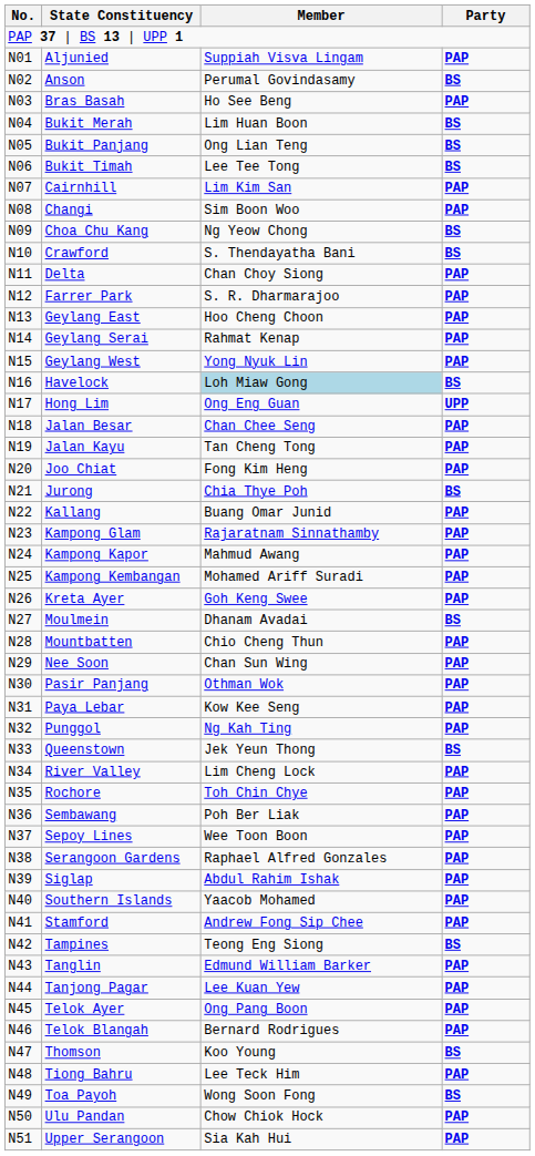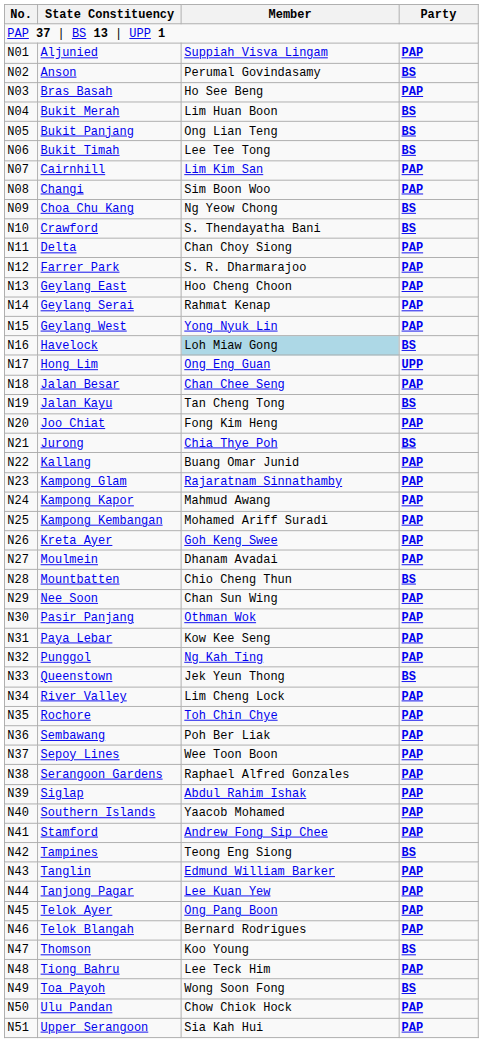 <table class="wikitable sortable">
 <tr>
 <th style="width:30px;">No.</th>
 <th style="width:150px;">State Constituency</th>
 <th style="width:230px;">Member</th>
 <th style="width:80px;">Party</th>
 </tr>
 <tr>
 <td colspan="4"><a href='#'>PAP</a> <strong>37</strong> | <a href='#'>BS</a> <strong>13</strong> | <a href='#'>UPP</a> <strong>1</strong></td>
 </tr>
 <tr>
 <td>N01</td>
 <td><a href='#'>Aljunied</a></td>
 <td><a href='#'>Suppiah Visva Lingam</a></td>
 <td><strong><a href='#'>PAP</a></strong></td>
 </tr>
 <tr>
 <td>N02</td>
 <td><a href='#'>Anson</a></td>
 <td>Perumal Govindasamy</td>
 <td><strong><a href='#'>BS</a></strong></td>
 </tr>
 <tr>
 <td>N03</td>
 <td><a href='#'>Bras Basah</a></td>
 <td>Ho See Beng</td>
 <td><strong><a href='#'>PAP</a></strong></td>
 </tr>
 <tr>
 <td>N04</td>
 <td><a href='#'>Bukit Merah</a></td>
 <td>Lim Huan Boon</td>
 <td><strong><a href='#'>BS</a></strong></td>
 </tr>
 <tr>
 <td>N05</td>
 <td><a href='#'>Bukit Panjang</a></td>
 <td>Ong Lian Teng</td>
 <td><strong><a href='#'>BS</a></strong></td>
 </tr>
 <tr>
 <td>N06</td>
 <td><a href='#'>Bukit Timah</a></td>
 <td>Lee Tee Tong</td>
 <td><strong><a href='#'>BS</a></strong></td>
 </tr>
 <tr>
 <td>N07</td>
 <td><a href='#'>Cairnhill</a></td>
 <td><a href='#'>Lim Kim San</a></td>
 <td><strong><a href='#'>PAP</a></strong></td>
 </tr>
 <tr>
 <td>N08</td>
 <td><a href='#'>Changi</a></td>
 <td>Sim Boon Woo</td>
 <td><strong><a href='#'>PAP</a></strong></td>
 </tr>
 <tr>
 <td>N09</td>
 <td><a href='#'>Choa Chu Kang</a></td>
 <td>Ng Yeow Chong</td>
 <td><strong><a href='#'>BS</a></strong></td>
 </tr>
 <tr>
 <td>N10</td>
 <td><a href='#'>Crawford</a></td>
 <td>S. Thendayatha Bani</td>
 <td><strong><a href='#'>BS</a></strong></td>
 </tr>
 <tr>
 <td>N11</td>
 <td><a href='#'>Delta</a></td>
 <td>Chan Choy Siong</td>
 <td><strong><a href='#'>PAP</a></strong></td>
 </tr>
 <tr>
 <td>N12</td>
 <td><a href='#'>Farrer Park</a></td>
 <td>S. R. Dharmarajoo</td>
 <td><strong><a href='#'>PAP</a></strong></td>
 </tr>
 <tr>
 <td>N13</td>
 <td><a href='#'>Geylang East</a></td>
 <td>Hoo Cheng Choon</td>
 <td><strong><a href='#'>PAP</a></strong></td>
 </tr>
 <tr>
 <td>N14</td>
 <td><a href='#'>Geylang Serai</a></td>
 <td>Rahmat Kenap</td>
 <td><strong><a href='#'>PAP</a></strong></td>
 </tr>
 <tr>
 <td>N15</td>
 <td><a href='#'>Geylang West</a></td>
 <td><a href='#'>Yong Nyuk Lin</a></td>
 <td><strong><a href='#'>PAP</a></strong></td>
 </tr>
 <tr>
 <td>N16</td>
 <td><a href='#'>Havelock</a></td>
 <td style="background: lightblue;">Loh Miaw Gong</td>
 <td><strong><a href='#'>BS</a></strong></td>
 </tr>
 <tr>
 <td>N17</td>
 <td><a href='#'>Hong Lim</a></td>
 <td><a href='#'>Ong Eng Guan</a></td>
 <td><strong><a href='#'>UPP</a></strong></td>
 </tr>
 <tr>
 <td>N18</td>
 <td><a href='#'>Jalan Besar</a></td>
 <td><a href='#'>Chan Chee Seng</a></td>
 <td><strong><a href='#'>PAP</a></strong></td>
 </tr>
 <tr>
 <td>N19</td>
 <td><a href='#'>Jalan Kayu</a></td>
 <td>Tan Cheng Tong</td>
-<td><strong><a href='#'>PAP</a></strong></td>
+<td><strong><a href='#'>BS</a></strong></td>
 </tr>
 <tr>
 <td>N20</td>
 <td><a href='#'>Joo Chiat</a></td>
 <td>Fong Kim Heng</td>
 <td><strong><a href='#'>PAP</a></strong></td>
 </tr>
 <tr>
 <td>N21</td>
 <td><a href='#'>Jurong</a></td>
 <td><a href='#'>Chia Thye Poh</a></td>
 <td><strong><a href='#'>BS</a></strong></td>
 </tr>
 <tr>
 <td>N22</td>
 <td><a href='#'>Kallang</a></td>
 <td>Buang Omar Junid</td>
 <td><strong><a href='#'>PAP</a></strong></td>
 </tr>
 <tr>
 <td>N23</td>
 <td><a href='#'>Kampong Glam</a></td>
 <td><a href='#'>Rajaratnam Sinnathamby</a></td>
 <td><strong><a href='#'>PAP</a></strong></td>
 </tr>
 <tr>
 <td>N24</td>
 <td><a href='#'>Kampong Kapor</a></td>
 <td>Mahmud Awang</td>
 <td><strong><a href='#'>PAP</a></strong></td>
 </tr>
 <tr>
 <td>N25</td>
 <td><a href='#'>Kampong Kembangan</a></td>
 <td>Mohamed Ariff Suradi</td>
 <td><strong><a href='#'>PAP</a></strong></td>
 </tr>
 <tr>
 <td>N26</td>
 <td><a href='#'>Kreta Ayer</a></td>
 <td><a href='#'>Goh Keng Swee</a></td>
 <td><strong><a href='#'>PAP</a></strong></td>
 </tr>
 <tr>
 <td>N27</td>
 <td><a href='#'>Moulmein</a></td>
 <td>Dhanam Avadai</td>
-<td><strong><a href='#'>BS</a></strong></td>
+<td><strong><a href='#'>PAP</a></strong></td>
 </tr>
 <tr>
 <td>N28</td>
 <td><a href='#'>Mountbatten</a></td>
 <td>Chio Cheng Thun</td>
-<td><strong><a href='#'>PAP</a></strong></td>
+<td><strong><a href='#'>BS</a></strong></td>
 </tr>
 <tr>
 <td>N29</td>
 <td><a href='#'>Nee Soon</a></td>
 <td>Chan Sun Wing</td>
 <td><strong><a href='#'>PAP</a></strong></td>
 </tr>
 <tr>
 <td>N30</td>
 <td><a href='#'>Pasir Panjang</a></td>
 <td><a href='#'>Othman Wok</a></td>
 <td><strong><a href='#'>PAP</a></strong></td>
 </tr>
 <tr>
 <td>N31</td>
 <td><a href='#'>Paya Lebar</a></td>
 <td>Kow Kee Seng</td>
 <td><strong><a href='#'>PAP</a></strong></td>
 </tr>
 <tr>
 <td>N32</td>
 <td><a href='#'>Punggol</a></td>
 <td><a href='#'>Ng Kah Ting</a></td>
 <td><strong><a href='#'>PAP</a></strong></td>
 </tr>
 <tr>
 <td>N33</td>
 <td><a href='#'>Queenstown</a></td>
 <td>Jek Yeun Thong</td>
 <td><strong><a href='#'>BS</a></strong></td>
 </tr>
 <tr>
 <td>N34</td>
 <td><a href='#'>River Valley</a></td>
 <td>Lim Cheng Lock</td>
 <td><strong><a href='#'>PAP</a></strong></td>
 </tr>
 <tr>
 <td>N35</td>
 <td><a href='#'>Rochore</a></td>
 <td><a href='#'>Toh Chin Chye</a></td>
 <td><strong><a href='#'>PAP</a></strong></td>
 </tr>
 <tr>
 <td>N36</td>
 <td><a href='#'>Sembawang</a></td>
 <td>Poh Ber Liak</td>
 <td><strong><a href='#'>PAP</a></strong></td>
 </tr>
 <tr>
 <td>N37</td>
 <td><a href='#'>Sepoy Lines</a></td>
 <td>Wee Toon Boon</td>
 <td><strong><a href='#'>PAP</a></strong></td>
 </tr>
 <tr>
 <td>N38</td>
 <td><a href='#'>Serangoon Gardens</a></td>
 <td>Raphael Alfred Gonzales</td>
 <td><strong><a href='#'>PAP</a></strong></td>
 </tr>
 <tr>
 <td>N39</td>
 <td><a href='#'>Siglap</a></td>
 <td><a href='#'>Abdul Rahim Ishak</a></td>
 <td><strong><a href='#'>PAP</a></strong></td>
 </tr>
 <tr>
 <td>N40</td>
 <td><a href='#'>Southern Islands</a></td>
 <td>Yaacob Mohamed</td>
 <td><strong><a href='#'>PAP</a></strong></td>
 </tr>
 <tr>
 <td>N41</td>
 <td><a href='#'>Stamford</a></td>
 <td><a href='#'>Andrew Fong Sip Chee</a></td>
 <td><strong><a href='#'>PAP</a></strong></td>
 </tr>
 <tr>
 <td>N42</td>
 <td><a href='#'>Tampines</a></td>
 <td>Teong Eng Siong</td>
 <td><strong><a href='#'>BS</a></strong></td>
 </tr>
 <tr>
 <td>N43</td>
 <td><a href='#'>Tanglin</a></td>
 <td><a href='#'>Edmund William Barker</a></td>
 <td><strong><a href='#'>PAP</a></strong></td>
 </tr>
 <tr>
 <td>N44</td>
 <td><a href='#'>Tanjong Pagar</a></td>
 <td><a href='#'>Lee Kuan Yew</a></td>
 <td><strong><a href='#'>PAP</a></strong></td>
 </tr>
 <tr>
 <td>N45</td>
 <td><a href='#'>Telok Ayer</a></td>
 <td><a href='#'>Ong Pang Boon</a></td>
 <td><strong><a href='#'>PAP</a></strong></td>
 </tr>
 <tr>
 <td>N46</td>
 <td><a href='#'>Telok Blangah</a></td>
 <td>Bernard Rodrigues</td>
 <td><strong><a href='#'>PAP</a></strong></td>
 </tr>
 <tr>
 <td>N47</td>
 <td><a href='#'>Thomson</a></td>
 <td>Koo Young</td>
 <td><strong><a href='#'>BS</a></strong></td>
 </tr>
 <tr>
 <td>N48</td>
 <td><a href='#'>Tiong Bahru</a></td>
 <td>Lee Teck Him</td>
 <td><strong><a href='#'>PAP</a></strong></td>
 </tr>
 <tr>
 <td>N49</td>
 <td><a href='#'>Toa Payoh</a></td>
 <td>Wong Soon Fong</td>
 <td><strong><a href='#'>BS</a></strong> </td>
 </tr>
 <tr>
 <td>N50</td>
 <td><a href='#'>Ulu Pandan</a></td>
 <td>Chow Chiok Hock</td>
 <td><strong><a href='#'>PAP</a></strong></td>
 </tr>
 <tr>
 <td>N51</td>
 <td><a href='#'>Upper Serangoon</a></td>
 <td>Sia Kah Hui</td>
 <td><strong><a href='#'>PAP</a></strong></td>
 </tr>
 </table>
